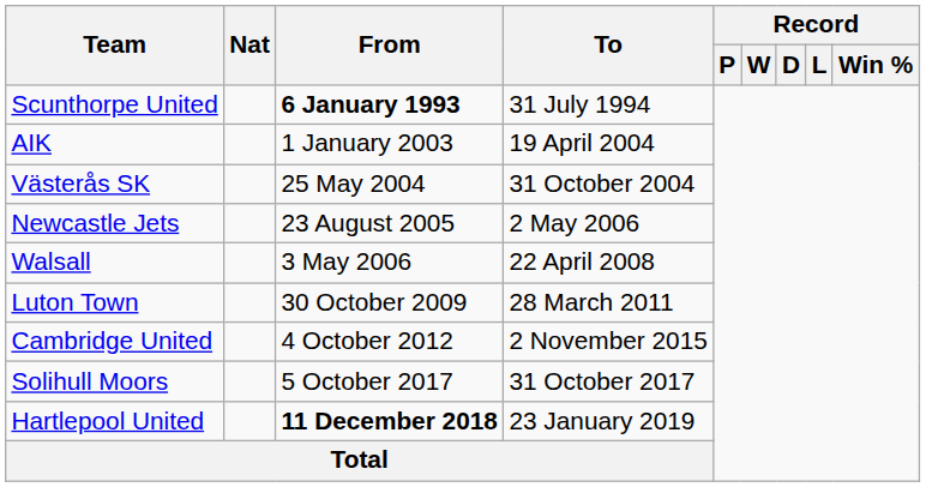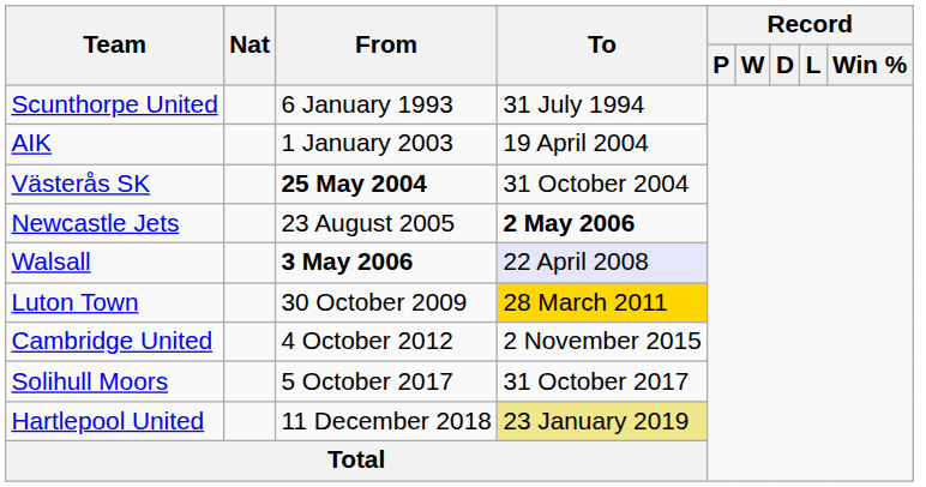 <table class="wikitable" style="text-align: center">
 <tr>
 <th rowspan="2">Team</th>
 <th rowspan="2">Nat</th>
 <th rowspan="2">From</th>
 <th rowspan="2">To</th>
 <th colspan="5">Record</th>
 </tr>
 <tr>
 <th>P</th>
 <th>W</th>
 <th>D</th>
 <th>L</th>
 <th>Win %</th>
 </tr>
 <tr>
 <td align=left><a href='#'>Scunthorpe United</a></td>
 <td></td>
-<td align=left><strong>6 January 1993</strong></td>
+<td align=left>6 January 1993</td>
 <td align=left>31 July 1994<br></td>
 </tr>
 <tr>
 <td align=left><a href='#'>AIK</a></td>
 <td></td>
 <td align=left>1 January 2003</td>
 <td align=left>19 April 2004<br></td>
 </tr>
 <tr>
 <td align=left><a href='#'>Västerås SK</a></td>
 <td></td>
-<td align=left>25 May 2004</td>
+<td align=left><strong>25 May 2004</strong></td>
 <td align=left>31 October 2004<br></td>
 </tr>
 <tr>
 <td align=left><a href='#'>Newcastle Jets</a></td>
 <td></td>
 <td align=left>23 August 2005</td>
-<td align=left>2 May 2006<br></td>
+<td align=left><strong>2 May 2006<br></strong></td>
 </tr>
 <tr>
 <td align=left><a href='#'>Walsall</a></td>
 <td></td>
-<td align=left>3 May 2006</td>
-<td align=left>22 April 2008<br></td>
+<td align=left><strong>3 May 2006</strong></td>
+<td align=left style="background: lavender;">22 April 2008<br></td>
 </tr>
 <tr>
 <td align=left><a href='#'>Luton Town</a></td>
 <td></td>
 <td align=left>30 October 2009</td>
-<td align=left>28 March 2011<br></td>
+<td align=left style="background: gold;">28 March 2011<br></td>
 </tr>
 <tr>
 <td align=left><a href='#'>Cambridge United</a></td>
 <td></td>
 <td align=left>4 October 2012</td>
 <td align=left>2 November 2015<br></td>
 </tr>
 <tr>
 <td align=left><a href='#'>Solihull Moors</a></td>
 <td></td>
 <td align=left>5 October 2017</td>
 <td align=left>31 October 2017<br></td>
 </tr>
 <tr>
 <td align=left><a href='#'>Hartlepool United</a></td>
 <td></td>
-<td align=left><strong>11 December 2018</strong></td>
-<td align=left>23 January 2019<br></td>
+<td align=left>11 December 2018</td>
+<td align=left style="background: khaki;">23 January 2019<br></td>
 </tr>
 <tr>
 <th colspan="4">Total<br></th>
 </tr>
 </table>
